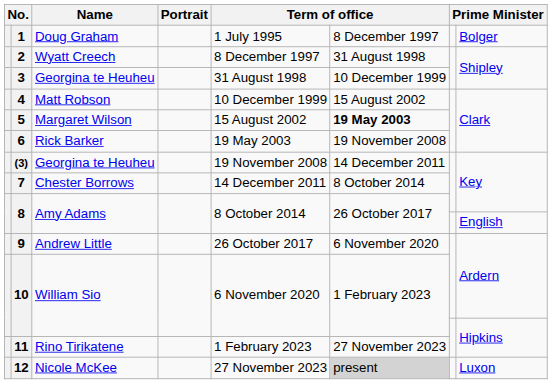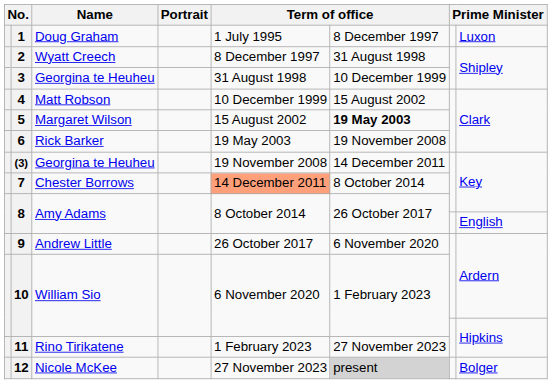 <table class="wikitable">
 <tr>
 <th colspan=2>No.</th>
 <th>Name</th>
 <th>Portrait</th>
 <th colspan=2>Term of office</th>
 <th colspan=2>Prime Minister</th>
 </tr>
 <tr>
 <th style="border-bottom:solid 0 grey; background:"></th>
 <th>1</th>
 <td><a href='#'>Doug Graham</a></td>
 <td></td>
 <td>1 July 1995</td>
 <td>8 December 1997</td>
 <td width=1 style="color:inherit;background:"></td>
-<td><a href='#'>Bolger</a></td>
+<td><a href='#'>Luxon</a></td>
 </tr>
 <tr>
 <th style="border-bottom:solid 0 grey; background:"></th>
 <th>2</th>
 <td><a href='#'>Wyatt Creech</a></td>
 <td></td>
 <td>8 December 1997</td>
 <td>31 August 1998</td>
 <td rowspan=2 style="color:inherit;background:"></td>
 <td rowspan=2><a href='#'>Shipley</a></td>
 </tr>
 <tr>
 <th style="color:inherit;background:"></th>
 <th>3</th>
 <td><a href='#'>Georgina te Heuheu</a></td>
 <td></td>
 <td>31 August 1998</td>
 <td>10 December 1999</td>
 </tr>
 <tr>
 <th style="color:inherit;background:"></th>
 <th>4</th>
 <td><a href='#'>Matt Robson</a></td>
 <td></td>
 <td>10 December 1999</td>
 <td>15 August 2002</td>
 <td rowspan=3 style="color:inherit;background:"></td>
 <td rowspan=3><a href='#'>Clark</a></td>
 </tr>
 <tr>
 <th style="color:inherit;background:"></th>
 <th>5</th>
 <td><a href='#'>Margaret Wilson</a></td>
 <td></td>
 <td>15 August 2002</td>
 <td><strong>19 May 2003</strong></td>
 </tr>
 <tr>
 <th style="color:inherit;background:"></th>
 <th>6</th>
 <td><a href='#'>Rick Barker</a></td>
 <td></td>
 <td>19 May 2003</td>
 <td>19 November 2008</td>
 </tr>
 <tr>
 <th style="color:inherit;background:"></th>
 <th><small>(3)</small></th>
 <td><a href='#'>Georgina te Heuheu</a></td>
 <td></td>
 <td>19 November 2008</td>
 <td>14 December 2011</td>
 <td rowspan="3" style="color:inherit;background:"></td>
 <td rowspan="3"><a href='#'>Key</a></td>
 </tr>
 <tr>
 <th style="color:inherit;background:"></th>
 <th>7</th>
 <td><a href='#'>Chester Borrows</a></td>
 <td></td>
-<td>14 December 2011</td>
+<td style="background: lightsalmon;">14 December 2011</td>
 <td>8 October 2014</td>
 </tr>
 <tr>
 <th height="15" style="border-bottom:solid 0 grey; background:"></th>
 <th rowspan="2">8</th>
 <td rowspan="2"><a href='#'>Amy Adams</a></td>
 <td rowspan="2"></td>
 <td rowspan="2">8 October 2014</td>
 <td rowspan="2">26 October 2017</td>
 </tr>
 <tr>
 <th height=15 style="border-top:solid 0 grey; background:"></th>
 <td style="color:inherit;background:"></td>
 <td><a href='#'>English</a></td>
 </tr>
 <tr>
 <th style="color:inherit;background:"></th>
 <th>9</th>
 <td><a href='#'>Andrew Little</a></td>
 <td></td>
 <td>26 October 2017</td>
 <td>6 November 2020</td>
 <td rowspan="2" style="color:inherit;background:"></td>
 <td rowspan=2><a href='#'>Ardern</a></td>
 </tr>
 <tr>
 <th height=70 style="border-bottom:solid 0 grey; background:"></th>
 <th rowspan=2>10</th>
 <td rowspan=2><a href='#'>William Sio</a></td>
 <td rowspan=2></td>
 <td rowspan=2>6 November 2020</td>
 <td rowspan=2>1 February 2023</td>
 </tr>
 <tr>
 <th height=15 style="border-top:solid 0 grey; background:"></th>
 <td rowspan=2 style="color:inherit;background:"></td>
 <td rowspan=2><a href='#'>Hipkins</a></td>
 </tr>
 <tr>
 <th style="color:inherit;background:"></th>
 <th>11</th>
 <td><a href='#'>Rino Tirikatene</a></td>
 <td></td>
 <td>1 February 2023</td>
 <td>27 November 2023</td>
 </tr>
 <tr>
 <th style="color:inherit;background:"></th>
 <th>12</th>
 <td><a href='#'>Nicole McKee</a></td>
 <td></td>
 <td>27 November 2023</td>
 <td style="background: lightgrey;">present</td>
 <td style="color:inherit;background:"></td>
-<td><a href='#'>Luxon</a></td>
+<td><a href='#'>Bolger</a></td>
 </tr>
 </table>
